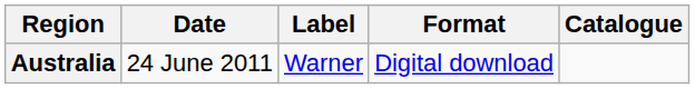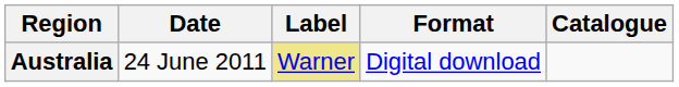 <table class="wikitable plainrowheaders">
 <tr>
 <th>Region</th>
 <th>Date</th>
 <th>Label</th>
 <th>Format</th>
 <th>Catalogue</th>
 </tr>
 <tr>
 <th scope="row">Australia</th>
 <td>24 June 2011</td>
-<td><a href='#'>Warner</a></td>
+<td style="background: khaki;"><a href='#'>Warner</a></td>
 <td><a href='#'>Digital download</a></td>
 </tr>
 </table>
